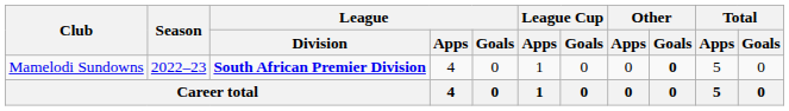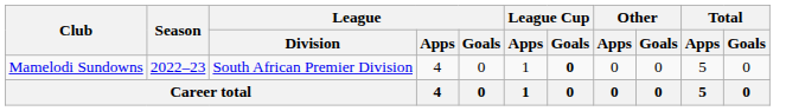 <table class=wikitable style=text-align:center>
 <tr>
 <th rowspan="2">Club</th>
 <th rowspan="2">Season</th>
 <th colspan="3">League</th>
 <th colspan="2">League Cup</th>
 <th colspan="2">Other</th>
 <th colspan="2">Total</th>
 </tr>
 <tr>
 <th>Division</th>
 <th>Apps</th>
 <th>Goals</th>
 <th>Apps</th>
 <th>Goals</th>
 <th>Apps</th>
 <th>Goals</th>
 <th>Apps</th>
 <th>Goals</th>
 </tr>
 <tr>
 <td><a href='#'>Mamelodi Sundowns</a></td>
 <td><a href='#'>2022–23</a></td>
-<td><strong><a href='#'>South African Premier Division</a></strong></td>
+<td><a href='#'>South African Premier Division</a></td>
 <td>4</td>
 <td>0</td>
 <td>1</td>
+<td><strong>0</strong></td>
 <td>0</td>
 <td>0</td>
-<td><strong>0</strong></td>
 <td>5</td>
 <td>0</td>
 </tr>
 <tr>
 <th colspan="3">Career total</th>
 <th>4</th>
 <th>0</th>
 <th>1</th>
 <th>0</th>
 <th>0</th>
 <th>0</th>
 <th>5</th>
 <th>0</th>
 </tr>
 </table>
